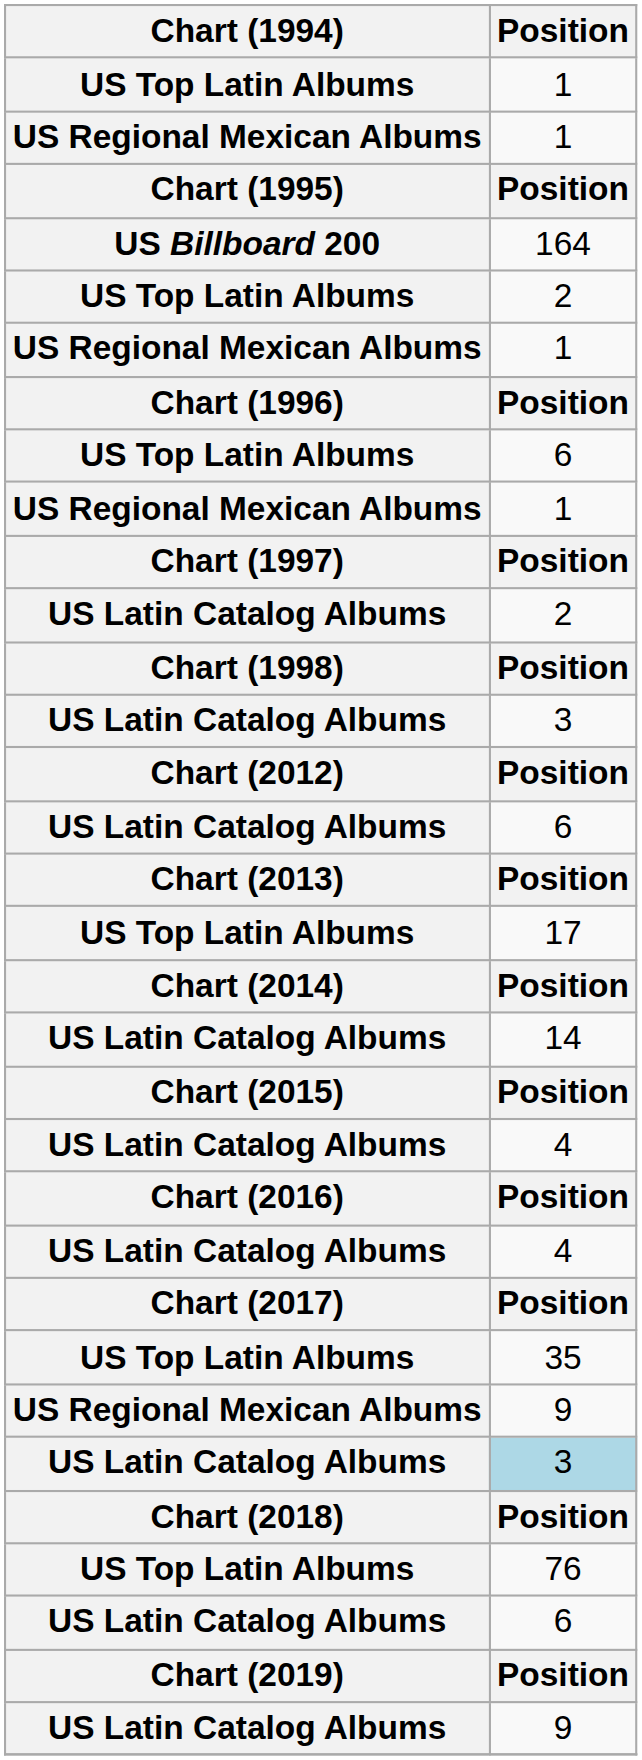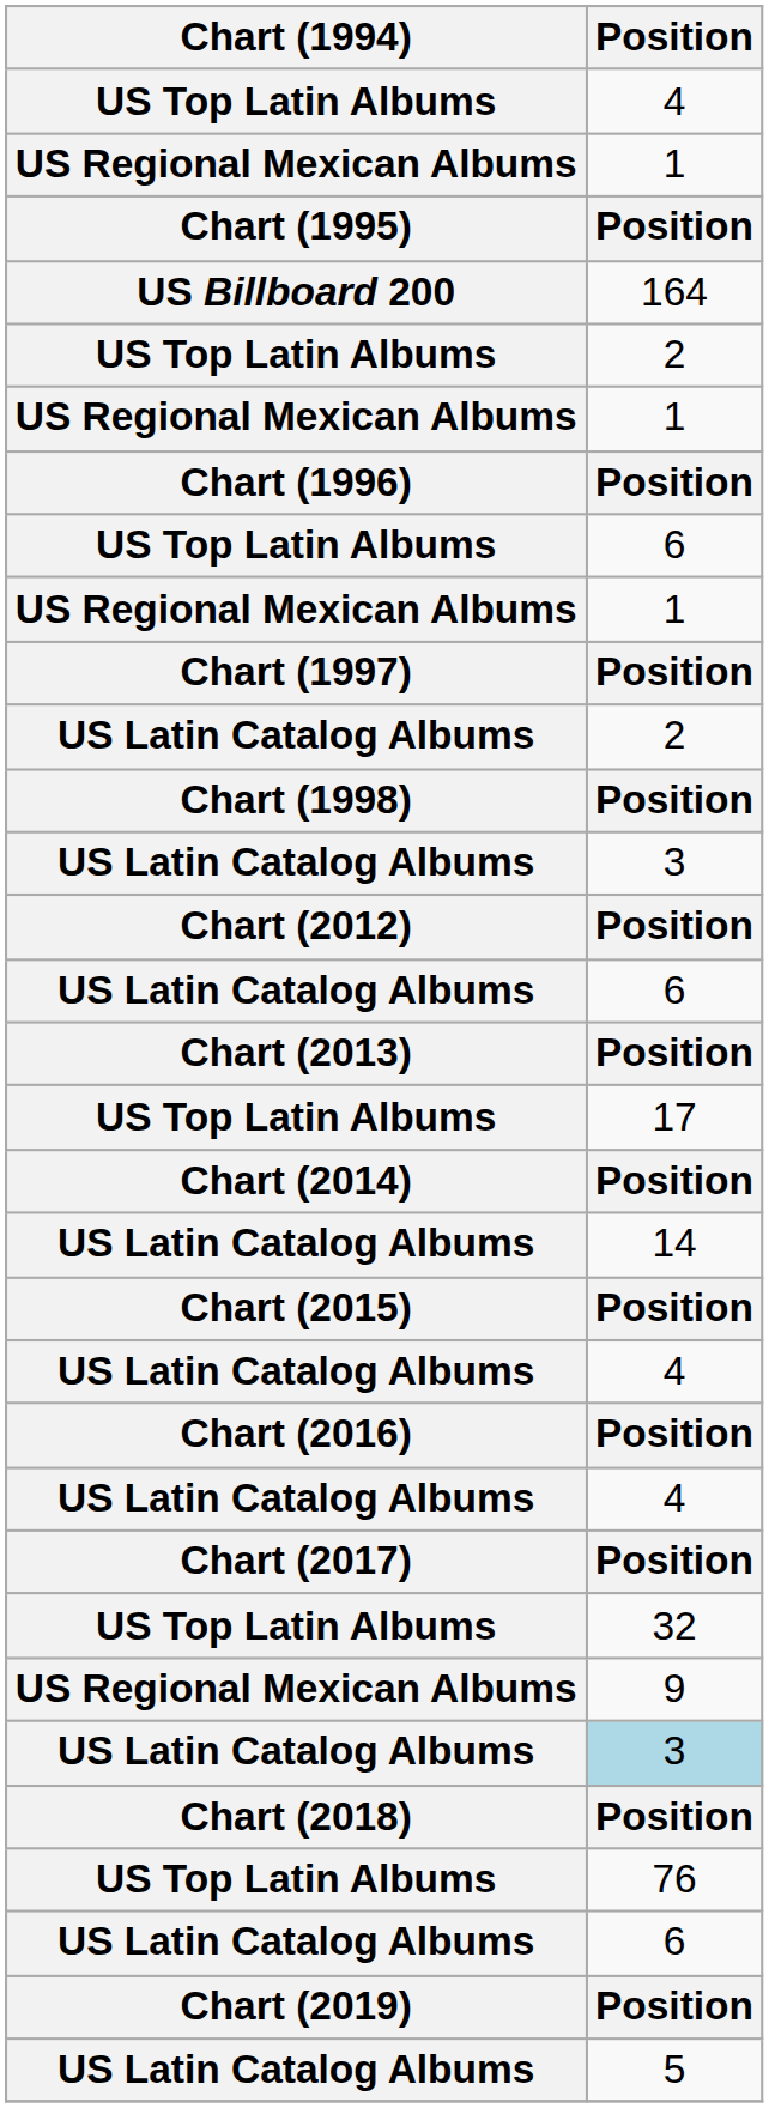 <table class="wikitable sortable plainrowheaders" style="text-align:center;">
 <tr>
 <th scope="col">Chart (1994)</th>
 <th scope="col">Position</th>
 </tr>
 <tr>
 <th scope="row">US Top Latin Albums</th>
-<td>1</td>
+<td>4</td>
 </tr>
 <tr>
 <th scope="row">US Regional Mexican Albums</th>
 <td>1</td>
 </tr>
 <tr>
 <th scope="col">Chart (1995)</th>
 <th scope="col">Position</th>
 </tr>
 <tr>
 <th scope="row">US <em>Billboard</em> 200</th>
 <td>164</td>
 </tr>
 <tr>
 <th scope="row">US Top Latin Albums</th>
 <td>2</td>
 </tr>
 <tr>
 <th scope="row">US Regional Mexican Albums</th>
 <td>1</td>
 </tr>
 <tr>
 <th scope="col">Chart (1996)</th>
 <th scope="col">Position</th>
 </tr>
 <tr>
 <th scope="row">US Top Latin Albums</th>
 <td>6</td>
 </tr>
 <tr>
 <th scope="row">US Regional Mexican Albums</th>
 <td>1</td>
 </tr>
 <tr>
 <th scope="col">Chart (1997)</th>
 <th scope="col">Position</th>
 </tr>
 <tr>
 <th scope="row">US Latin Catalog Albums</th>
 <td>2</td>
 </tr>
 <tr>
 <th scope="col">Chart (1998)</th>
 <th scope="col">Position</th>
 </tr>
 <tr>
 <th scope="row">US Latin Catalog Albums</th>
 <td>3</td>
 </tr>
 <tr>
 <th scope="col">Chart (2012)</th>
 <th scope="col">Position</th>
 </tr>
 <tr>
 <th scope="row">US Latin Catalog Albums</th>
 <td>6</td>
 </tr>
 <tr>
 <th scope="col">Chart (2013)</th>
 <th scope="col">Position</th>
 </tr>
 <tr>
 <th scope="row">US Top Latin Albums</th>
 <td>17</td>
 </tr>
 <tr>
 <th scope="col">Chart (2014)</th>
 <th scope="col">Position</th>
 </tr>
 <tr>
 <th scope="row">US Latin Catalog Albums</th>
 <td>14</td>
 </tr>
 <tr>
 <th scope="col">Chart (2015)</th>
 <th scope="col">Position</th>
 </tr>
 <tr>
 <th scope="row">US Latin Catalog Albums</th>
 <td>4</td>
 </tr>
 <tr>
 <th scope="col">Chart (2016)</th>
 <th scope="col">Position</th>
 </tr>
 <tr>
 <th scope="row">US Latin Catalog Albums</th>
 <td>4</td>
 </tr>
 <tr>
 <th scope="col">Chart (2017)</th>
 <th scope="col">Position</th>
 </tr>
 <tr>
 <th scope="row">US Top Latin Albums</th>
-<td>35</td>
+<td>32</td>
 </tr>
 <tr>
 <th scope="row">US Regional Mexican Albums</th>
 <td>9</td>
 </tr>
 <tr>
 <th scope="row">US Latin Catalog Albums</th>
 <td style="background: lightblue;">3</td>
 </tr>
 <tr>
 <th scope="col">Chart (2018)</th>
 <th scope="col">Position</th>
 </tr>
 <tr>
 <th scope="row">US Top Latin Albums</th>
 <td>76</td>
 </tr>
 <tr>
 <th scope="row">US Latin Catalog Albums</th>
 <td>6</td>
 </tr>
 <tr>
 <th scope="col">Chart (2019)</th>
 <th scope="col">Position</th>
 </tr>
 <tr>
 <th scope="row">US Latin Catalog Albums</th>
-<td>9</td>
+<td>5</td>
 </tr>
 <tr>
 </tr>
 </table>
